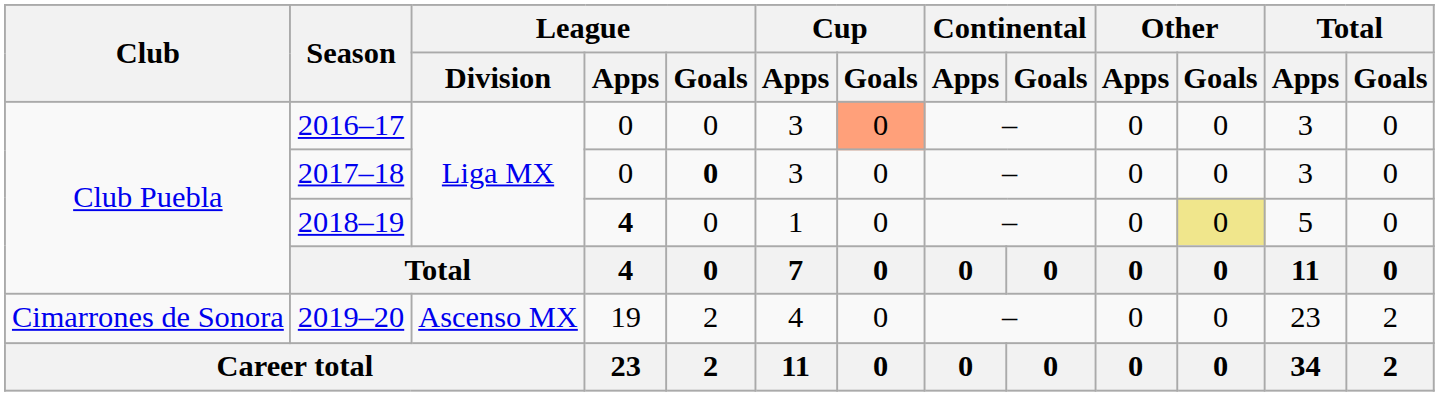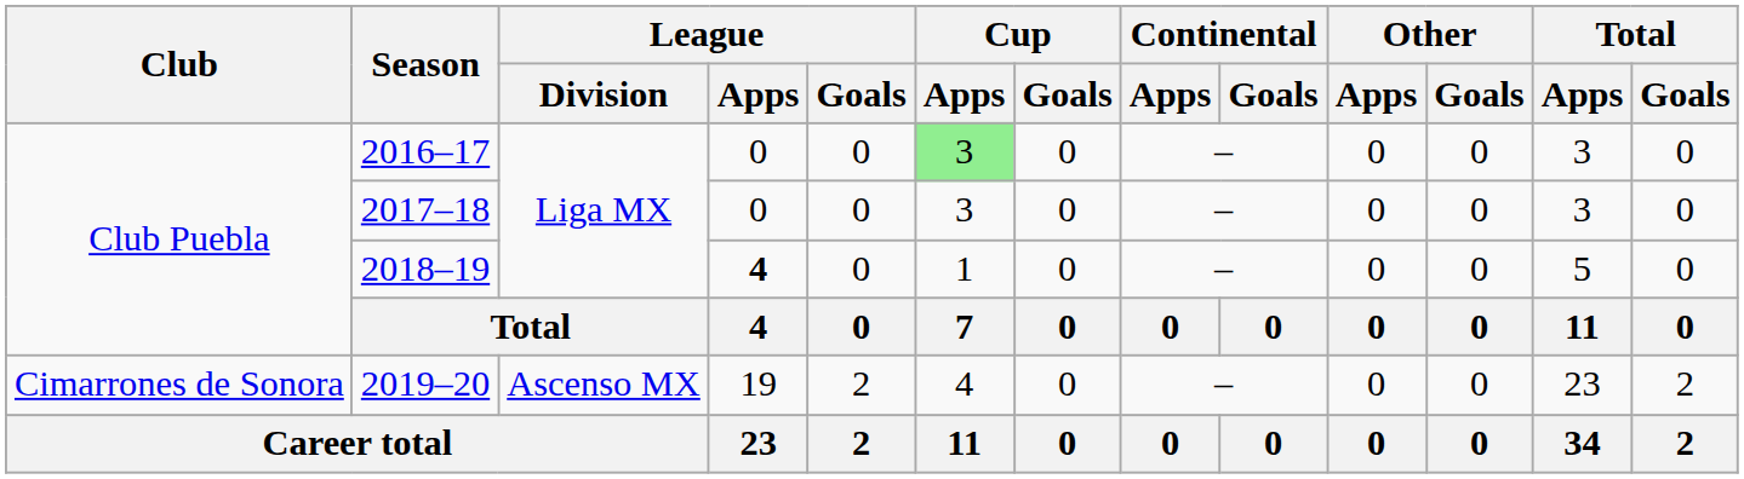 <table class="wikitable" style="text-align: center">
 <tr>
 <th rowspan="2">Club</th>
 <th rowspan="2">Season</th>
 <th colspan="3">League</th>
 <th colspan="2">Cup</th>
 <th colspan="2">Continental</th>
 <th colspan="2">Other</th>
 <th colspan="2">Total</th>
 </tr>
 <tr>
 <th>Division</th>
 <th>Apps</th>
 <th>Goals</th>
 <th>Apps</th>
 <th>Goals</th>
 <th>Apps</th>
 <th>Goals</th>
 <th>Apps</th>
 <th>Goals</th>
 <th>Apps</th>
 <th>Goals</th>
 </tr>
 <tr>
 <td rowspan="4"><a href='#'>Club Puebla</a></td>
 <td><a href='#'>2016–17</a></td>
 <td rowspan="3"><a href='#'>Liga MX</a></td>
 <td>0</td>
 <td>0</td>
-<td>3</td>
-<td style="background: lightsalmon;">0</td>
+<td style="background: lightgreen;">3</td>
+<td>0</td>
 <td colspan="2">–</td>
 <td>0</td>
 <td>0</td>
 <td>3</td>
 <td>0</td>
 </tr>
 <tr>
 <td><a href='#'>2017–18</a></td>
 <td>0</td>
-<td><strong>0</strong></td>
+<td>0</td>
 <td>3</td>
 <td>0</td>
 <td colspan="2">–</td>
 <td>0</td>
 <td>0</td>
 <td>3</td>
 <td>0</td>
 </tr>
 <tr>
 <td><a href='#'>2018–19</a></td>
 <td><strong>4</strong></td>
 <td>0</td>
 <td>1</td>
 <td>0</td>
 <td colspan="2">–</td>
 <td>0</td>
-<td style="background: khaki;">0</td>
+<td>0</td>
 <td>5</td>
 <td>0</td>
 </tr>
 <tr>
 <th colspan="2"><strong>Total</strong></th>
 <th>4</th>
 <th>0</th>
 <th>7</th>
 <th>0</th>
 <th>0</th>
 <th>0</th>
 <th>0</th>
 <th>0</th>
 <th>11</th>
 <th>0</th>
 </tr>
 <tr>
 <td><a href='#'>Cimarrones de Sonora</a></td>
 <td><a href='#'>2019–20</a></td>
 <td><a href='#'>Ascenso MX</a></td>
 <td>19</td>
 <td>2</td>
 <td>4</td>
 <td>0</td>
 <td colspan="2">–</td>
 <td>0</td>
 <td>0</td>
 <td>23</td>
 <td>2</td>
 </tr>
 <tr>
 <th colspan="3"><strong>Career total</strong></th>
 <th>23</th>
 <th>2</th>
 <th>11</th>
 <th>0</th>
 <th>0</th>
 <th>0</th>
 <th>0</th>
 <th>0</th>
 <th>34</th>
 <th>2</th>
 </tr>
 </table>
